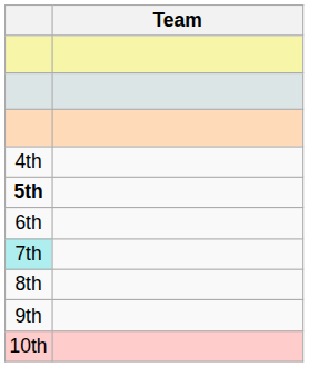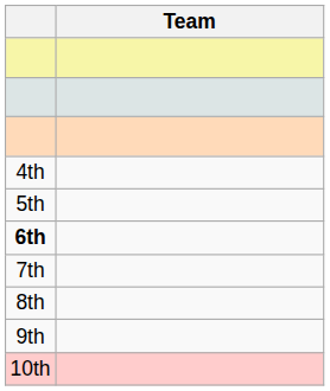 <table class="wikitable" style="text-align:center">
 <tr>
 <th width=15></th>
 <th width=200>Team</th>
 </tr>
 <tr style="background:#f7f6a8;">
 <td style="text-align:center; height:23px;"></td>
 <td align=left></td>
 </tr>
 <tr style="background:#dce5e5;">
 <td style="text-align:center; height:23px;"></td>
 <td align=left></td>
 </tr>
 <tr style="background:#ffdab9;">
 <td style="text-align:center; height:23px;"></td>
 <td align=left></td>
 </tr>
 <tr>
 <td>4th</td>
 <td align=left></td>
 </tr>
 <tr>
-<td><strong>5th</strong></td>
+<td>5th</td>
 <td align=left></td>
 </tr>
 <tr>
-<td>6th</td>
+<td><strong>6th</strong></td>
 <td align=left></td>
 </tr>
 <tr>
-<td style="background: paleturquoise;">7th</td>
+<td>7th</td>
 <td align=left></td>
 </tr>
 <tr>
 <td>8th</td>
 <td align=left></td>
 </tr>
 <tr>
 <td>9th</td>
 <td align=left></td>
 </tr>
 <tr style="text-align:center; background:#ffcccc;">
 <td>10th</td>
 <td align=left></td>
 </tr>
 </table>
